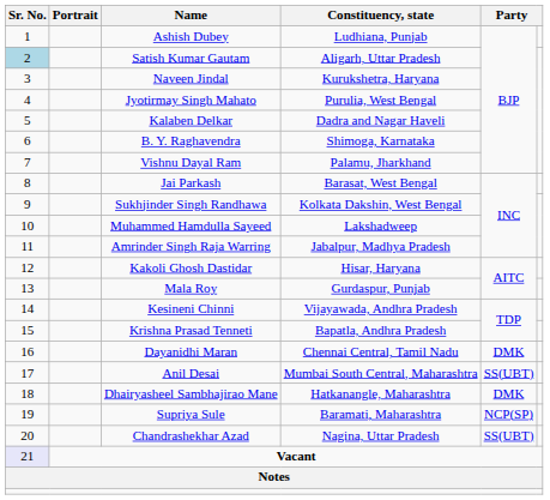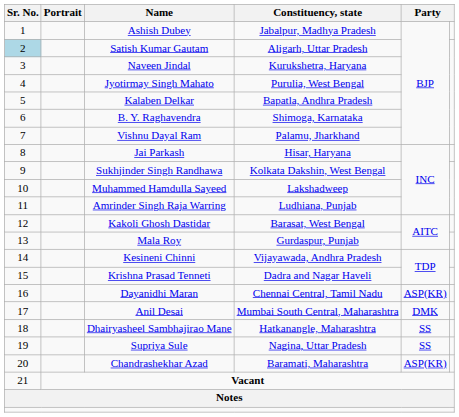 <table class="wikitable">
 <tr>
 <th>Sr. No.</th>
 <th>Portrait</th>
 <th>Name</th>
 <th>Constituency, state</th>
 <th colspan="2">Party</th>
 </tr>
 <tr align="center">
 <td>1</td>
 <td></td>
 <td><a href='#'>Ashish Dubey</a></td>
-<td><a href='#'>Ludhiana, Punjab</a></td>
+<td><a href='#'>Jabalpur, Madhya Pradesh</a></td>
 <td rowspan="7"><a href='#'>BJP</a></td>
 <td></td>
 </tr>
 <tr align="center">
 <td style="background: lightblue;">2</td>
 <td></td>
 <td><a href='#'>Satish Kumar Gautam</a></td>
 <td><a href='#'>Aligarh, Uttar Pradesh</a></td>
 </tr>
 <tr align="center">
 <td>3</td>
 <td></td>
 <td><a href='#'>Naveen Jindal</a></td>
 <td><a href='#'>Kurukshetra, Haryana</a></td>
 </tr>
 <tr align="center">
 <td>4</td>
 <td></td>
 <td><a href='#'>Jyotirmay Singh Mahato </a></td>
 <td><a href='#'>Purulia, West Bengal</a></td>
 </tr>
 <tr align="center">
 <td>5</td>
 <td></td>
 <td><a href='#'>Kalaben Delkar</a></td>
-<td><a href='#'>Dadra and Nagar Haveli</a></td>
+<td><a href='#'>Bapatla, Andhra Pradesh</a></td>
 </tr>
 <tr align="center">
 <td>6</td>
 <td></td>
 <td><a href='#'>B. Y. Raghavendra</a></td>
 <td><a href='#'>Shimoga, Karnataka</a></td>
 </tr>
 <tr align="center">
 <td>7</td>
 <td></td>
 <td><a href='#'>Vishnu Dayal Ram</a></td>
 <td><a href='#'>Palamu, Jharkhand</a></td>
 </tr>
 <tr align="center">
 <td>8</td>
 <td></td>
 <td><a href='#'>Jai Parkash</a></td>
-<td><a href='#'>Barasat, West Bengal</a></td>
+<td><a href='#'>Hisar, Haryana</a></td>
 <td rowspan="4"><a href='#'>INC</a></td>
 <td></td>
 </tr>
 <tr align="center">
 <td>9</td>
 <td></td>
 <td><a href='#'>Sukhjinder Singh Randhawa</a></td>
 <td><a href='#'>Kolkata Dakshin, West Bengal</a></td>
 </tr>
 <tr align="center">
 <td>10</td>
 <td></td>
 <td><a href='#'>Muhammed Hamdulla Sayeed</a></td>
 <td><a href='#'>Lakshadweep</a></td>
 </tr>
 <tr align="center">
 <td>11</td>
 <td></td>
 <td><a href='#'>Amrinder Singh Raja Warring</a></td>
-<td><a href='#'>Jabalpur, Madhya Pradesh</a></td>
+<td><a href='#'>Ludhiana, Punjab</a></td>
 </tr>
 <tr align="center">
 <td>12</td>
 <td></td>
 <td><a href='#'>Kakoli Ghosh Dastidar</a></td>
-<td><a href='#'>Hisar, Haryana</a></td>
+<td><a href='#'>Barasat, West Bengal</a></td>
 <td rowspan="2"><a href='#'>AITC</a></td>
 <td></td>
 </tr>
 <tr align="center">
 <td>13</td>
 <td></td>
 <td><a href='#'>Mala Roy</a></td>
 <td><a href='#'>Gurdaspur, Punjab</a></td>
 </tr>
 <tr align="center">
 <td>14</td>
 <td></td>
 <td><a href='#'>Kesineni Chinni</a></td>
 <td><a href='#'>Vijayawada, Andhra Pradesh</a></td>
 <td rowspan=2><a href='#'>TDP</a></td>
 <td></td>
 </tr>
 <tr align="center">
 <td>15</td>
 <td></td>
 <td><a href='#'>Krishna Prasad Tenneti</a></td>
-<td><a href='#'>Bapatla, Andhra Pradesh</a></td>
+<td><a href='#'>Dadra and Nagar Haveli</a></td>
 </tr>
 <tr align="center">
 <td>16</td>
 <td></td>
 <td><a href='#'>Dayanidhi Maran</a></td>
 <td><a href='#'>Chennai Central, Tamil Nadu</a></td>
-<td><a href='#'>DMK</a></td>
+<td><a href='#'>ASP(KR)</a></td>
 <td></td>
 </tr>
 <tr align="center">
 <td>17</td>
 <td></td>
 <td><a href='#'>Anil Desai</a></td>
 <td><a href='#'>Mumbai South Central, Maharashtra</a></td>
-<td><a href='#'>SS(UBT)</a></td>
+<td><a href='#'>DMK</a></td>
 <td></td>
 </tr>
 <tr align="center">
 <td>18</td>
 <td></td>
 <td><a href='#'>Dhairyasheel Sambhajirao Mane</a></td>
 <td><a href='#'>Hatkanangle, Maharashtra</a></td>
-<td><a href='#'>DMK</a></td>
+<td><a href='#'>SS</a></td>
 <td></td>
 </tr>
 <tr align="center">
 <td>19</td>
 <td></td>
 <td><a href='#'>Supriya Sule</a></td>
-<td><a href='#'>Baramati, Maharashtra</a></td>
-<td><a href='#'>NCP(SP)</a></td>
+<td><a href='#'>Nagina, Uttar Pradesh</a></td>
+<td><a href='#'>SS</a></td>
 <td></td>
 </tr>
 <tr align="center">
 <td>20</td>
 <td></td>
 <td><a href='#'>Chandrashekhar Azad</a></td>
-<td><a href='#'>Nagina, Uttar Pradesh</a></td>
-<td><a href='#'>SS(UBT)</a></td>
+<td><a href='#'>Baramati, Maharashtra</a></td>
+<td><a href='#'>ASP(KR)</a></td>
 <td></td>
 </tr>
 <tr align="center">
-<td style="background: lavender;">21</td>
+<td>21</td>
 <td colspan=5><strong>Vacant</strong></td>
 </tr>
 <tr align="center">
 <th colspan="6">Notes</th>
 </tr>
 <tr align="center">
 <td colspan="6"></td>
 </tr>
 </table>
